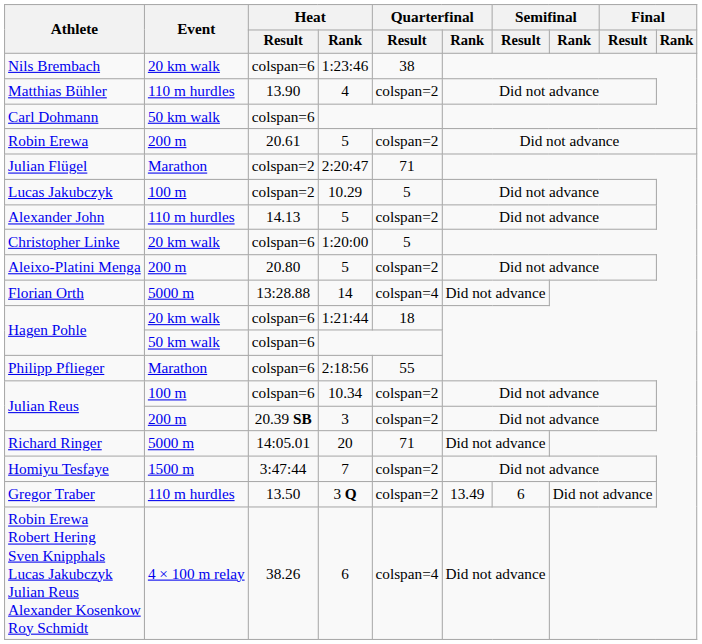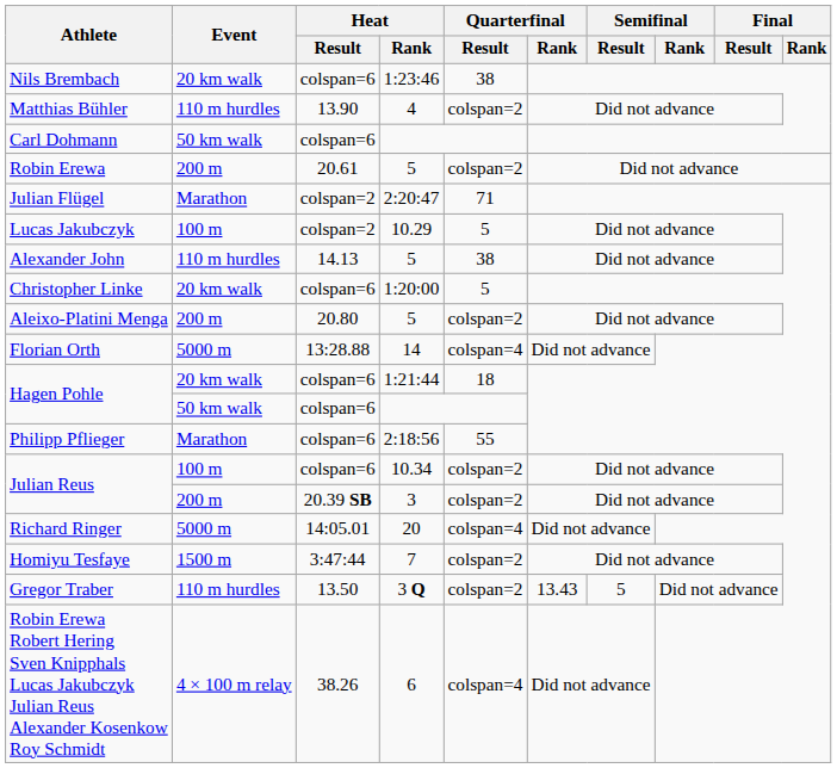 <table class="wikitable" style="font-size:90%">
 <tr>
 <th rowspan="2">Athlete</th>
 <th rowspan="2">Event</th>
 <th colspan="2">Heat</th>
 <th colspan="2">Quarterfinal</th>
 <th colspan="2">Semifinal</th>
 <th colspan="2">Final</th>
 </tr>
 <tr style="font-size:95%">
 <th>Result</th>
 <th>Rank</th>
 <th>Result</th>
 <th>Rank</th>
 <th>Result</th>
 <th>Rank</th>
 <th>Result</th>
 <th>Rank</th>
 </tr>
 <tr align=center>
 <td align=left><a href='#'>Nils Brembach</a></td>
 <td align=left><a href='#'>20 km walk</a></td>
 <td>colspan=6 </td>
 <td>1:23:46</td>
 <td>38</td>
 </tr>
 <tr align=center>
 <td align=left><a href='#'>Matthias Bühler</a></td>
 <td align=left><a href='#'>110 m hurdles</a></td>
 <td>13.90</td>
 <td>4</td>
 <td>colspan=2 </td>
 <td colspan=4>Did not advance</td>
 </tr>
 <tr align=center>
 <td align=left><a href='#'>Carl Dohmann</a></td>
 <td align=left><a href='#'>50 km walk</a></td>
 <td>colspan=6 </td>
 <td colspan=2></td>
 </tr>
 <tr align=center>
 <td align=left><a href='#'>Robin Erewa</a></td>
 <td align=left><a href='#'>200 m</a></td>
 <td>20.61</td>
 <td>5</td>
 <td>colspan=2 </td>
 <td colspan=6>Did not advance</td>
 </tr>
 <tr align=center>
 <td align=left><a href='#'>Julian Flügel</a></td>
 <td align=left><a href='#'>Marathon</a></td>
 <td>colspan=2 </td>
 <td>2:20:47</td>
 <td>71</td>
 </tr>
 <tr align=center>
 <td align=left><a href='#'>Lucas Jakubczyk</a></td>
 <td align=left><a href='#'>100 m</a></td>
 <td>colspan=2 </td>
 <td>10.29</td>
 <td>5</td>
 <td colspan=4>Did not advance</td>
 </tr>
 <tr align=center>
 <td align=left><a href='#'>Alexander John</a></td>
 <td align=left><a href='#'>110 m hurdles</a></td>
 <td>14.13</td>
 <td>5</td>
-<td>colspan=2 </td>
+<td>38</td>
 <td colspan=4>Did not advance</td>
 </tr>
 <tr align=center>
 <td align=left><a href='#'>Christopher Linke</a></td>
 <td align=left><a href='#'>20 km walk</a></td>
 <td>colspan=6 </td>
 <td>1:20:00</td>
 <td>5</td>
 </tr>
 <tr align=center>
 <td align=left><a href='#'>Aleixo-Platini Menga</a></td>
 <td align=left><a href='#'>200 m</a></td>
 <td>20.80</td>
 <td>5</td>
 <td>colspan=2 </td>
 <td colspan=4>Did not advance</td>
 </tr>
 <tr align=center>
 <td align=left><a href='#'>Florian Orth</a></td>
 <td align=left><a href='#'>5000 m</a></td>
 <td>13:28.88</td>
 <td>14</td>
 <td>colspan=4 </td>
 <td colspan=2>Did not advance</td>
 </tr>
 <tr align=center>
 <td align=left rowspan=2><a href='#'>Hagen Pohle</a></td>
 <td align=left><a href='#'>20 km walk</a></td>
 <td>colspan=6 </td>
 <td>1:21:44</td>
 <td>18</td>
 </tr>
 <tr align=center>
 <td align=left><a href='#'>50 km walk</a></td>
 <td>colspan=6 </td>
 <td colspan=2></td>
 </tr>
 <tr align=center>
 <td align=left><a href='#'>Philipp Pflieger</a></td>
 <td align=left><a href='#'>Marathon</a></td>
 <td>colspan=6 </td>
 <td>2:18:56</td>
 <td>55</td>
 </tr>
 <tr align=center>
 <td align=left rowspan=2><a href='#'>Julian Reus</a></td>
 <td align=left><a href='#'>100 m</a></td>
 <td>colspan=6 </td>
 <td>10.34</td>
 <td>colspan=2 </td>
 <td colspan=4>Did not advance</td>
 </tr>
 <tr align=center>
 <td align=left><a href='#'>200 m</a></td>
 <td>20.39 <strong>SB</strong></td>
 <td>3</td>
 <td>colspan=2 </td>
 <td colspan=4>Did not advance</td>
 </tr>
 <tr align=center>
 <td align=left><a href='#'>Richard Ringer</a></td>
 <td align=left><a href='#'>5000 m</a></td>
 <td>14:05.01</td>
 <td>20</td>
-<td>71</td>
+<td>colspan=4 </td>
 <td colspan=2>Did not advance</td>
 </tr>
 <tr align=center>
 <td align=left><a href='#'>Homiyu Tesfaye</a></td>
 <td align=left><a href='#'>1500 m</a></td>
 <td>3:47:44</td>
 <td>7</td>
 <td>colspan=2 </td>
 <td colspan=4>Did not advance</td>
 </tr>
 <tr align=center>
 <td align=left><a href='#'>Gregor Traber</a></td>
 <td align=left><a href='#'>110 m hurdles</a></td>
 <td>13.50</td>
 <td>3 <strong>Q</strong></td>
 <td>colspan=2 </td>
-<td>13.49</td>
-<td>6</td>
+<td>13.43</td>
+<td>5</td>
 <td colspan=2>Did not advance</td>
 </tr>
 <tr align=center>
 <td align=left><a href='#'>Robin Erewa</a><br><a href='#'>Robert Hering</a><br><a href='#'>Sven Knipphals</a><br><a href='#'>Lucas Jakubczyk</a><br><a href='#'>Julian Reus</a><br><a href='#'>Alexander Kosenkow</a><br><a href='#'>Roy Schmidt</a></td>
 <td align=left><a href='#'>4 × 100 m relay</a></td>
 <td>38.26</td>
 <td>6</td>
 <td>colspan=4 </td>
 <td colspan=2>Did not advance</td>
 </tr>
 </table>
